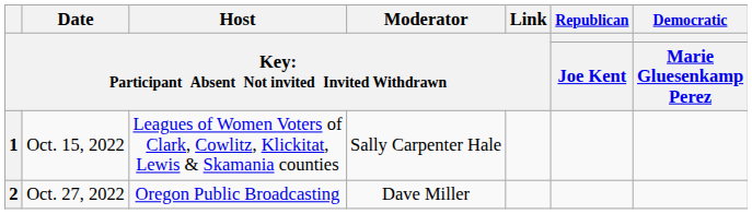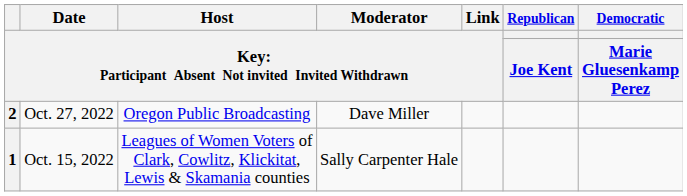 <table class="wikitable" style="text-align:center;">
 <tr>
 <th scope="col"></th>
 <th scope="col">Date</th>
 <th scope="col">Host</th>
 <th scope="col">Moderator</th>
 <th scope="col">Link</th>
 <th scope="col"><small><a href='#'>Republican</a></small></th>
 <th scope="col"><small><a href='#'>Democratic</a></small></th>
 </tr>
 <tr>
 <th colspan="5" rowspan="2">Key:<br> <small>Participant </small>  <small>Absent </small>  <small>Not invited </small>  <small>Invited  Withdrawn</small></th>
 <th scope="col" style="background:"></th>
 <th scope="col" style="background:"></th>
 </tr>
 <tr>
 <th scope="col"><a href='#'>Joe Kent</a></th>
 <th scope="col"><a href='#'>Marie Gluesenkamp Perez</a></th>
 </tr>
 <tr>
+<th>2</th>
+<td style="white-space:nowrap;">Oct. 27, 2022</td>
+<td style="white-space:nowrap;"><a href='#'>Oregon Public Broadcasting</a></td>
+<td style="white-space:nowrap;">Dave Miller</td>
+<td style="white-space:nowrap;"></td>
+<td></td>
+<td></td>
+</tr>
+<tr>
 <th>1</th>
 <td style="white-space:nowrap;">Oct. 15, 2022</td>
 <td style="white-space:nowrap;"><a href='#'>Leagues of Women Voters</a> of<br><a href='#'>Clark</a>, <a href='#'>Cowlitz</a>, <a href='#'>Klickitat</a>,<br><a href='#'>Lewis</a> & <a href='#'>Skamania</a> counties</td>
 <td style="white-space:nowrap;">Sally Carpenter Hale</td>
 <td style="white-space:nowrap;"></td>
 <td></td>
 <td></td>
 </tr>
-<tr>
-<th>2</th>
-<td style="white-space:nowrap;">Oct. 27, 2022</td>
-<td style="white-space:nowrap;"><a href='#'>Oregon Public Broadcasting</a></td>
-<td style="white-space:nowrap;">Dave Miller</td>
-<td style="white-space:nowrap;"></td>
-<td></td>
-<td></td>
-</tr>
 </table>
